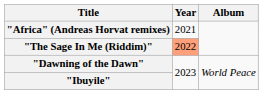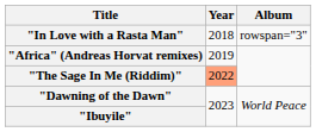 <table class="wikitable plainrowheaders" style="text-align:center;">
 <tr>
 <th scope="col">Title</th>
 <th scope="col">Year</th>
 <th scope="col">Album</th>
 </tr>
 <tr>
+<th scope="row">"In Love with a Rasta Man"<br></th>
+<td>2018</td>
+<td>rowspan="3" </td>
+</tr>
+<tr>
 <th scope="row">"Africa" (Andreas Horvat remixes)</th>
-<td>2021</td>
+<td>2019</td>
 </tr>
 <tr>
 <th scope="row">"The Sage In Me (Riddim)"</th>
 <td style="background: lightsalmon;">2022</td>
 </tr>
 <tr>
 <th scope="row">"Dawning of the Dawn"<br></th>
 <td rowspan="2">2023</td>
 <td rowspan="2"><em>World Peace</em></td>
 </tr>
 <tr>
 <th scope="row">"Ibuyile"</th>
 </tr>
 </table>
